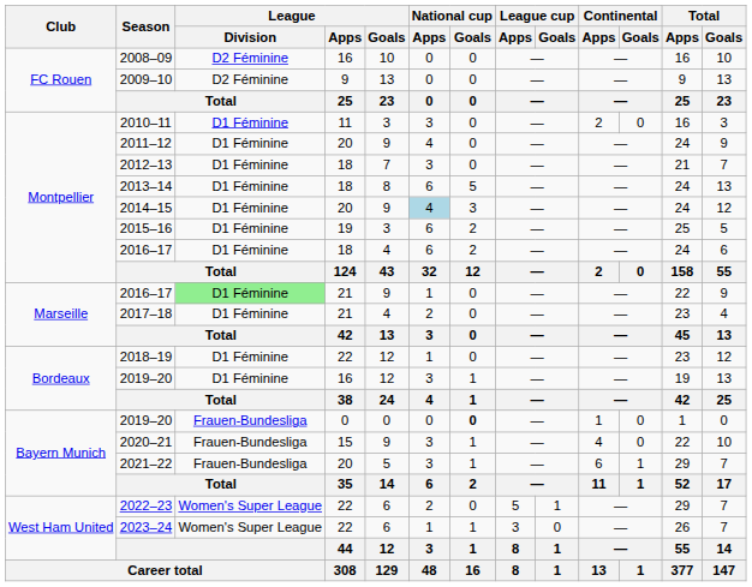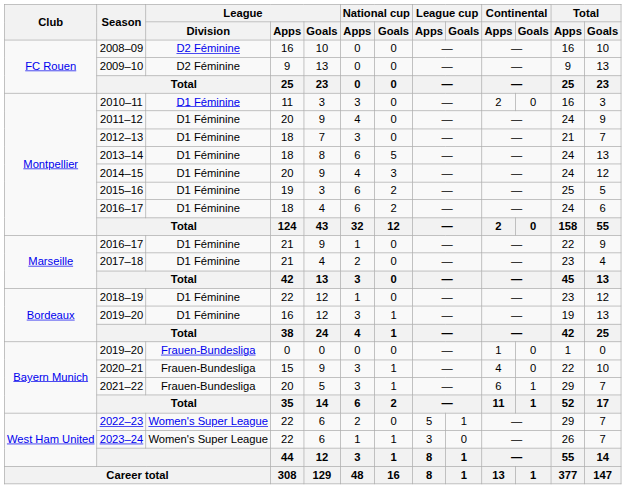 <table class="wikitable" style="text-align:center">
 <tr>
 <th rowspan="2">Club</th>
 <th rowspan="2">Season</th>
 <th colspan="3">League</th>
 <th colspan="2">National cup</th>
 <th colspan="2">League cup</th>
 <th colspan="2">Continental</th>
 <th colspan="2">Total</th>
 </tr>
 <tr>
 <th>Division</th>
 <th>Apps</th>
 <th>Goals</th>
 <th>Apps</th>
 <th>Goals</th>
 <th>Apps</th>
 <th>Goals</th>
 <th>Apps</th>
 <th>Goals</th>
 <th>Apps</th>
 <th>Goals</th>
 </tr>
 <tr>
 <td rowspan="3"><a href='#'>FC Rouen</a></td>
 <td>2008–09</td>
 <td><a href='#'>D2 Féminine</a></td>
 <td>16</td>
 <td>10</td>
 <td>0</td>
 <td>0</td>
 <td colspan="2">—</td>
 <td colspan="2">—</td>
 <td>16</td>
 <td>10</td>
 </tr>
 <tr>
 <td>2009–10</td>
 <td>D2 Féminine</td>
 <td>9</td>
 <td>13</td>
 <td>0</td>
 <td>0</td>
 <td colspan="2">—</td>
 <td colspan="2">—</td>
 <td>9</td>
 <td>13</td>
 </tr>
 <tr>
 <th colspan="2">Total</th>
 <th>25</th>
 <th>23</th>
 <th>0</th>
 <th>0</th>
 <th colspan="2">—</th>
 <th colspan="2">—</th>
 <th>25</th>
 <th>23</th>
 </tr>
 <tr>
 <td rowspan="8"><a href='#'>Montpellier</a></td>
 <td>2010–11</td>
 <td><a href='#'>D1 Féminine</a></td>
 <td>11</td>
 <td>3</td>
 <td>3</td>
 <td>0</td>
 <td colspan="2">—</td>
 <td>2</td>
 <td>0</td>
 <td>16</td>
 <td>3</td>
 </tr>
 <tr>
 <td>2011–12</td>
 <td>D1 Féminine</td>
 <td>20</td>
 <td>9</td>
 <td>4</td>
 <td>0</td>
 <td colspan="2">—</td>
 <td colspan="2">—</td>
 <td>24</td>
 <td>9</td>
 </tr>
 <tr>
 <td>2012–13</td>
 <td>D1 Féminine</td>
 <td>18</td>
 <td>7</td>
 <td>3</td>
 <td>0</td>
 <td colspan="2">—</td>
 <td colspan="2">—</td>
 <td>21</td>
 <td>7</td>
 </tr>
 <tr>
 <td>2013–14</td>
 <td>D1 Féminine</td>
 <td>18</td>
 <td>8</td>
 <td>6</td>
 <td>5</td>
 <td colspan="2">—</td>
 <td colspan="2">—</td>
 <td>24</td>
 <td>13</td>
 </tr>
 <tr>
 <td>2014–15</td>
 <td>D1 Féminine</td>
 <td>20</td>
 <td>9</td>
-<td style="background: lightblue;">4</td>
+<td>4</td>
 <td>3</td>
 <td colspan="2">—</td>
 <td colspan="2">—</td>
 <td>24</td>
 <td>12</td>
 </tr>
 <tr>
 <td>2015–16</td>
 <td>D1 Féminine</td>
 <td>19</td>
 <td>3</td>
 <td>6</td>
 <td>2</td>
 <td colspan="2">—</td>
 <td colspan="2">—</td>
 <td>25</td>
 <td>5</td>
 </tr>
 <tr>
 <td>2016–17</td>
 <td>D1 Féminine</td>
 <td>18</td>
 <td>4</td>
 <td>6</td>
 <td>2</td>
 <td colspan="2">—</td>
 <td colspan="2">—</td>
 <td>24</td>
 <td>6</td>
 </tr>
 <tr>
 <th colspan="2">Total</th>
 <th>124</th>
 <th>43</th>
 <th>32</th>
 <th>12</th>
 <th colspan="2">—</th>
 <th>2</th>
 <th>0</th>
 <th>158</th>
 <th>55</th>
 </tr>
 <tr>
 <td rowspan="3"><a href='#'>Marseille</a></td>
 <td>2016–17</td>
-<td style="background: lightgreen;">D1 Féminine</td>
+<td>D1 Féminine</td>
 <td>21</td>
 <td>9</td>
 <td>1</td>
 <td>0</td>
 <td colspan="2">—</td>
 <td colspan="2">—</td>
 <td>22</td>
 <td>9</td>
 </tr>
 <tr>
 <td>2017–18</td>
 <td>D1 Féminine</td>
 <td>21</td>
 <td>4</td>
 <td>2</td>
 <td>0</td>
 <td colspan="2">—</td>
 <td colspan="2">—</td>
 <td>23</td>
 <td>4</td>
 </tr>
 <tr>
 <th colspan="2">Total</th>
 <th>42</th>
 <th>13</th>
 <th>3</th>
 <th>0</th>
 <th colspan="2">—</th>
 <th colspan="2">—</th>
 <th>45</th>
 <th>13</th>
 </tr>
 <tr>
 <td rowspan="3"><a href='#'>Bordeaux</a></td>
 <td>2018–19</td>
 <td>D1 Féminine</td>
 <td>22</td>
 <td>12</td>
 <td>1</td>
 <td>0</td>
 <td colspan="2">—</td>
 <td colspan="2">—</td>
 <td>23</td>
 <td>12</td>
 </tr>
 <tr>
 <td>2019–20</td>
 <td>D1 Féminine</td>
 <td>16</td>
 <td>12</td>
 <td>3</td>
 <td>1</td>
 <td colspan="2">—</td>
 <td colspan="2">—</td>
 <td>19</td>
 <td>13</td>
 </tr>
 <tr>
 <th colspan="2">Total</th>
 <th>38</th>
 <th>24</th>
 <th>4</th>
 <th>1</th>
 <th colspan="2">—</th>
 <th colspan="2">—</th>
 <th>42</th>
 <th>25</th>
 </tr>
 <tr>
 <td rowspan="4"><a href='#'>Bayern Munich</a></td>
 <td>2019–20</td>
 <td><a href='#'>Frauen-Bundesliga</a></td>
 <td>0</td>
 <td>0</td>
 <td>0</td>
-<td><strong>0</strong></td>
+<td>0</td>
 <td colspan="2">—</td>
 <td>1</td>
 <td>0</td>
 <td>1</td>
 <td>0</td>
 </tr>
 <tr>
 <td>2020–21</td>
 <td>Frauen-Bundesliga</td>
 <td>15</td>
 <td>9</td>
 <td>3</td>
 <td>1</td>
 <td colspan="2">—</td>
 <td>4</td>
 <td>0</td>
 <td>22</td>
 <td>10</td>
 </tr>
 <tr>
 <td>2021–22</td>
 <td>Frauen-Bundesliga</td>
 <td>20</td>
 <td>5</td>
 <td>3</td>
 <td>1</td>
 <td colspan="2">—</td>
 <td>6</td>
 <td>1</td>
 <td>29</td>
 <td>7</td>
 </tr>
 <tr>
 <th colspan="2">Total</th>
 <th>35</th>
 <th>14</th>
 <th>6</th>
 <th>2</th>
 <th colspan="2">—</th>
 <th>11</th>
 <th>1</th>
 <th>52</th>
 <th>17</th>
 </tr>
 <tr>
 <td rowspan="3"><a href='#'>West Ham United</a></td>
 <td><a href='#'>2022–23</a></td>
 <td><a href='#'>Women's Super League</a></td>
 <td>22</td>
 <td>6</td>
 <td>2</td>
 <td>0</td>
 <td>5</td>
 <td>1</td>
 <td colspan="2">—</td>
 <td>29</td>
 <td>7</td>
 </tr>
 <tr>
 <td><a href='#'>2023–24</a></td>
 <td>Women's Super League</td>
 <td>22</td>
 <td>6</td>
 <td>1</td>
 <td>1</td>
 <td>3</td>
 <td>0</td>
 <td colspan="2">—</td>
 <td>26</td>
 <td>7</td>
 </tr>
 <tr>
 <th colspan="2"></th>
 <th>44</th>
 <th>12</th>
 <th>3</th>
 <th>1</th>
 <th>8</th>
 <th>1</th>
 <th colspan="2">—</th>
 <th>55</th>
 <th>14</th>
 </tr>
 <tr>
 <th colspan="3">Career total</th>
 <th>308</th>
 <th>129</th>
 <th>48</th>
 <th>16</th>
 <th>8</th>
 <th>1</th>
 <th>13</th>
 <th>1</th>
 <th>377</th>
 <th>147</th>
 </tr>
 </table>
